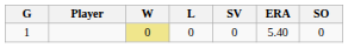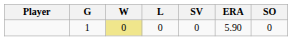 <table class="wikitable sortable">
 <tr>
+<th bgcolor="#DDDDFF" width="16%">Player</th>
 <th bgcolor="#DDDDFF" width="9%">G</th>
-<th bgcolor="#DDDDFF" width="16%">Player</th>
 <th bgcolor="#DDDDFF" width="9%">W</th>
 <th bgcolor="#DDDDFF" width="9%">L</th>
 <th bgcolor="#DDDDFF" width="9%">SV</th>
 <th bgcolor="#DDDDFF" width="9%">ERA</th>
 <th bgcolor="#DDDDFF" width="9%">SO</th>
 </tr>
 <tr align="center">
+<td></td>
 <td>1</td>
-<td></td>
 <td style="background: khaki;">0</td>
 <td>0</td>
 <td>0</td>
-<td>5.40</td>
+<td>5.90</td>
 <td>0</td>
 </tr>
 </table>
